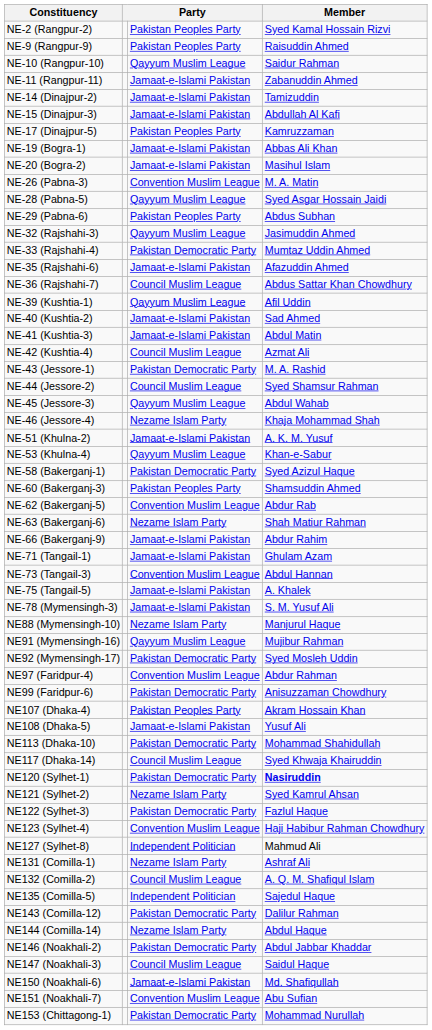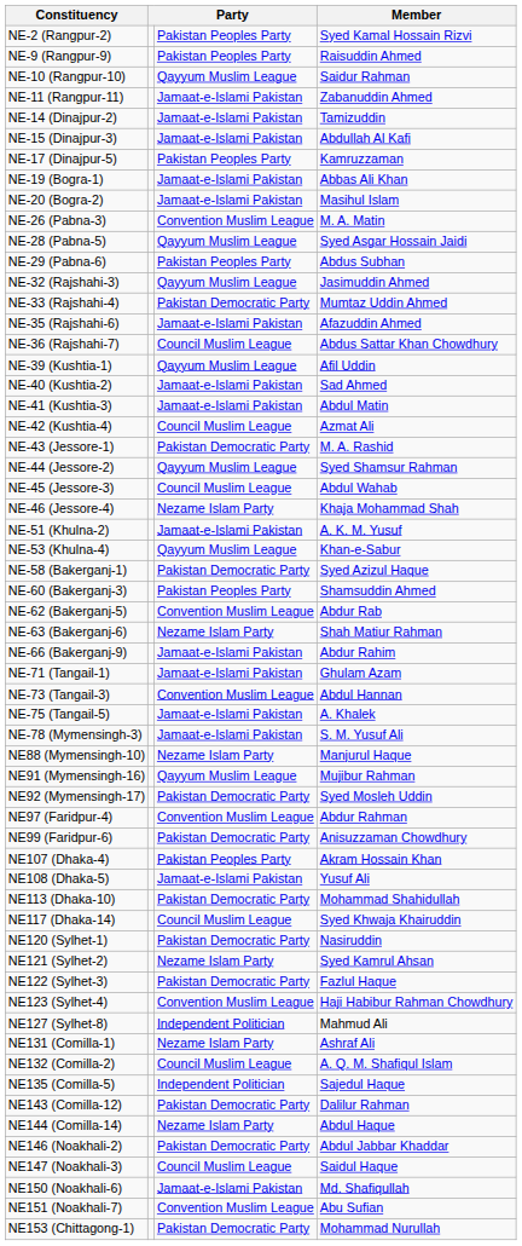 <table class="wikitable sortable">
 <tr>
 <th>Constituency</th>
 <th colspan="2">Party</th>
 <th>Member</th>
 </tr>
 <tr>
 <td>NE-2 (Rangpur-2)</td>
 <td></td>
 <td><a href='#'>Pakistan Peoples Party</a></td>
 <td><a href='#'>Syed Kamal Hossain Rizvi</a></td>
 </tr>
 <tr>
 <td>NE-9 (Rangpur-9)</td>
 <td></td>
 <td><a href='#'>Pakistan Peoples Party</a></td>
 <td><a href='#'>Raisuddin Ahmed</a></td>
 </tr>
 <tr>
 <td>NE-10 (Rangpur-10)</td>
 <td></td>
 <td><a href='#'>Qayyum Muslim League</a></td>
 <td><a href='#'>Saidur Rahman</a></td>
 </tr>
 <tr>
 <td>NE-11 (Rangpur-11)</td>
 <td></td>
 <td><a href='#'>Jamaat-e-Islami Pakistan</a></td>
 <td><a href='#'>Zabanuddin Ahmed</a></td>
 </tr>
 <tr>
 <td>NE-14 (Dinajpur-2)</td>
 <td></td>
 <td><a href='#'>Jamaat-e-Islami Pakistan</a></td>
 <td><a href='#'>Tamizuddin</a></td>
 </tr>
 <tr>
 <td>NE-15 (Dinajpur-3)</td>
 <td></td>
 <td><a href='#'>Jamaat-e-Islami Pakistan</a></td>
 <td><a href='#'>Abdullah Al Kafi</a></td>
 </tr>
 <tr>
 <td>NE-17 (Dinajpur-5)</td>
 <td></td>
 <td><a href='#'>Pakistan Peoples Party</a></td>
 <td><a href='#'>Kamruzzaman</a></td>
 </tr>
 <tr>
 <td>NE-19 (Bogra-1)</td>
 <td></td>
 <td><a href='#'>Jamaat-e-Islami Pakistan</a></td>
 <td><a href='#'>Abbas Ali Khan</a></td>
 </tr>
 <tr>
 <td>NE-20 (Bogra-2)</td>
 <td></td>
 <td><a href='#'>Jamaat-e-Islami Pakistan</a></td>
 <td><a href='#'>Masihul Islam</a></td>
 </tr>
 <tr>
 <td>NE-26 (Pabna-3)</td>
 <td></td>
 <td><a href='#'>Convention Muslim League</a></td>
 <td><a href='#'>M. A. Matin</a></td>
 </tr>
 <tr>
 <td>NE-28 (Pabna-5)</td>
 <td></td>
 <td><a href='#'>Qayyum Muslim League</a></td>
 <td><a href='#'>Syed Asgar Hossain Jaidi</a></td>
 </tr>
 <tr>
 <td>NE-29 (Pabna-6)</td>
 <td></td>
 <td><a href='#'>Pakistan Peoples Party</a></td>
 <td><a href='#'>Abdus Subhan</a></td>
 </tr>
 <tr>
 <td>NE-32 (Rajshahi-3)</td>
 <td></td>
 <td><a href='#'>Qayyum Muslim League</a></td>
 <td><a href='#'>Jasimuddin Ahmed</a></td>
 </tr>
 <tr>
 <td>NE-33 (Rajshahi-4)</td>
 <td></td>
 <td><a href='#'>Pakistan Democratic Party</a></td>
 <td><a href='#'>Mumtaz Uddin Ahmed</a></td>
 </tr>
 <tr>
 <td>NE-35 (Rajshahi-6)</td>
 <td></td>
 <td><a href='#'>Jamaat-e-Islami Pakistan</a></td>
 <td><a href='#'>Afazuddin Ahmed</a></td>
 </tr>
 <tr>
 <td>NE-36 (Rajshahi-7)</td>
 <td></td>
 <td><a href='#'>Council Muslim League</a></td>
 <td><a href='#'>Abdus Sattar Khan Chowdhury</a></td>
 </tr>
 <tr>
 <td>NE-39 (Kushtia-1)</td>
 <td></td>
 <td><a href='#'>Qayyum Muslim League</a></td>
 <td><a href='#'>Afil Uddin</a></td>
 </tr>
 <tr>
 <td>NE-40 (Kushtia-2)</td>
 <td></td>
 <td><a href='#'>Jamaat-e-Islami Pakistan</a></td>
 <td><a href='#'>Sad Ahmed</a></td>
 </tr>
 <tr>
 <td>NE-41 (Kushtia-3)</td>
 <td></td>
 <td><a href='#'>Jamaat-e-Islami Pakistan</a></td>
 <td><a href='#'>Abdul Matin</a></td>
 </tr>
 <tr>
 <td>NE-42 (Kushtia-4)</td>
 <td></td>
 <td><a href='#'>Council Muslim League</a></td>
 <td><a href='#'>Azmat Ali</a></td>
 </tr>
 <tr>
 <td>NE-43 (Jessore-1)</td>
 <td></td>
 <td><a href='#'>Pakistan Democratic Party</a></td>
 <td><a href='#'>M. A. Rashid</a></td>
 </tr>
 <tr>
 <td>NE-44 (Jessore-2)</td>
 <td></td>
-<td><a href='#'>Council Muslim League</a></td>
+<td><a href='#'>Qayyum Muslim League</a></td>
 <td><a href='#'>Syed Shamsur Rahman</a></td>
 </tr>
 <tr>
 <td>NE-45 (Jessore-3)</td>
 <td></td>
-<td><a href='#'>Qayyum Muslim League</a></td>
+<td><a href='#'>Council Muslim League</a></td>
 <td><a href='#'>Abdul Wahab</a></td>
 </tr>
 <tr>
 <td>NE-46 (Jessore-4)</td>
 <td></td>
 <td><a href='#'>Nezame Islam Party</a></td>
 <td><a href='#'>Khaja Mohammad Shah</a></td>
 </tr>
 <tr>
 <td>NE-51 (Khulna-2)</td>
 <td></td>
 <td><a href='#'>Jamaat-e-Islami Pakistan</a></td>
 <td><a href='#'>A. K. M. Yusuf</a></td>
 </tr>
 <tr>
 <td>NE-53 (Khulna-4)</td>
 <td></td>
 <td><a href='#'>Qayyum Muslim League</a></td>
 <td><a href='#'>Khan-e-Sabur</a></td>
 </tr>
 <tr>
 <td>NE-58 (Bakerganj-1)</td>
 <td></td>
 <td><a href='#'>Pakistan Democratic Party</a></td>
 <td><a href='#'>Syed Azizul Haque</a></td>
 </tr>
 <tr>
 <td>NE-60 (Bakerganj-3)</td>
 <td></td>
 <td><a href='#'>Pakistan Peoples Party</a></td>
 <td><a href='#'>Shamsuddin Ahmed</a></td>
 </tr>
 <tr>
 <td>NE-62 (Bakerganj-5)</td>
 <td></td>
 <td><a href='#'>Convention Muslim League</a></td>
 <td><a href='#'>Abdur Rab</a></td>
 </tr>
 <tr>
 <td>NE-63 (Bakerganj-6)</td>
 <td></td>
 <td><a href='#'>Nezame Islam Party</a></td>
 <td><a href='#'>Shah Matiur Rahman</a></td>
 </tr>
 <tr>
 <td>NE-66 (Bakerganj-9)</td>
 <td></td>
 <td><a href='#'>Jamaat-e-Islami Pakistan</a></td>
 <td><a href='#'>Abdur Rahim</a></td>
 </tr>
 <tr>
 <td>NE-71 (Tangail-1)</td>
 <td></td>
 <td><a href='#'>Jamaat-e-Islami Pakistan</a></td>
 <td><a href='#'>Ghulam Azam</a></td>
 </tr>
 <tr>
 <td>NE-73 (Tangail-3)</td>
 <td></td>
 <td><a href='#'>Convention Muslim League</a></td>
 <td><a href='#'>Abdul Hannan</a></td>
 </tr>
 <tr>
 <td>NE-75 (Tangail-5)</td>
 <td></td>
 <td><a href='#'>Jamaat-e-Islami Pakistan</a></td>
 <td><a href='#'>A. Khalek</a></td>
 </tr>
 <tr>
 <td>NE-78 (Mymensingh-3)</td>
 <td></td>
 <td><a href='#'>Jamaat-e-Islami Pakistan</a></td>
 <td><a href='#'>S. M. Yusuf Ali</a></td>
 </tr>
 <tr>
 <td>NE88 (Mymensingh-10)</td>
 <td></td>
 <td><a href='#'>Nezame Islam Party</a></td>
 <td><a href='#'>Manjurul Haque</a></td>
 </tr>
 <tr>
 <td>NE91 (Mymensingh-16)</td>
 <td></td>
 <td><a href='#'>Qayyum Muslim League</a></td>
 <td><a href='#'>Mujibur Rahman</a></td>
 </tr>
 <tr>
 <td>NE92 (Mymensingh-17)</td>
 <td></td>
 <td><a href='#'>Pakistan Democratic Party</a></td>
 <td><a href='#'>Syed Mosleh Uddin</a></td>
 </tr>
 <tr>
 <td>NE97 (Faridpur-4)</td>
 <td></td>
 <td><a href='#'>Convention Muslim League</a></td>
 <td><a href='#'>Abdur Rahman</a></td>
 </tr>
 <tr>
 <td>NE99 (Faridpur-6)</td>
 <td></td>
 <td><a href='#'>Pakistan Democratic Party</a></td>
 <td><a href='#'>Anisuzzaman Chowdhury</a></td>
 </tr>
 <tr>
 <td>NE107 (Dhaka-4)</td>
 <td></td>
 <td><a href='#'>Pakistan Peoples Party</a></td>
 <td><a href='#'>Akram Hossain Khan</a></td>
 </tr>
 <tr>
 <td>NE108 (Dhaka-5)</td>
 <td></td>
 <td><a href='#'>Jamaat-e-Islami Pakistan</a></td>
 <td><a href='#'>Yusuf Ali</a></td>
 </tr>
 <tr>
 <td>NE113 (Dhaka-10)</td>
 <td></td>
 <td><a href='#'>Pakistan Democratic Party</a></td>
 <td><a href='#'>Mohammad Shahidullah</a></td>
 </tr>
 <tr>
 <td>NE117 (Dhaka-14)</td>
 <td></td>
 <td><a href='#'>Council Muslim League</a></td>
 <td><a href='#'>Syed Khwaja Khairuddin</a></td>
 </tr>
 <tr>
 <td>NE120 (Sylhet-1)</td>
 <td></td>
 <td><a href='#'>Pakistan Democratic Party</a></td>
-<td><strong><a href='#'>Nasiruddin</a></strong></td>
+<td><a href='#'>Nasiruddin</a></td>
 </tr>
 <tr>
 <td>NE121 (Sylhet-2)</td>
 <td></td>
 <td><a href='#'>Nezame Islam Party</a></td>
 <td><a href='#'>Syed Kamrul Ahsan</a></td>
 </tr>
 <tr>
 <td>NE122 (Sylhet-3)</td>
 <td></td>
 <td><a href='#'>Pakistan Democratic Party</a></td>
 <td><a href='#'>Fazlul Haque</a></td>
 </tr>
 <tr>
 <td>NE123 (Sylhet-4)</td>
 <td></td>
 <td><a href='#'>Convention Muslim League</a></td>
 <td><a href='#'>Haji Habibur Rahman Chowdhury</a></td>
 </tr>
 <tr>
 <td>NE127 (Sylhet-8)</td>
 <td></td>
 <td><a href='#'>Independent Politician</a></td>
 <td>Mahmud Ali</td>
 </tr>
 <tr>
 <td>NE131 (Comilla-1)</td>
 <td></td>
 <td><a href='#'>Nezame Islam Party</a></td>
 <td><a href='#'>Ashraf Ali</a></td>
 </tr>
 <tr>
 <td>NE132 (Comilla-2)</td>
 <td></td>
 <td><a href='#'>Council Muslim League</a></td>
 <td><a href='#'>A. Q. M. Shafiqul Islam</a></td>
 </tr>
 <tr>
 <td>NE135 (Comilla-5)</td>
 <td></td>
 <td><a href='#'>Independent Politician</a></td>
 <td><a href='#'>Sajedul Haque</a></td>
 </tr>
 <tr>
 <td>NE143 (Comilla-12)</td>
 <td></td>
 <td><a href='#'>Pakistan Democratic Party</a></td>
 <td><a href='#'>Dalilur Rahman</a></td>
 </tr>
 <tr>
 <td>NE144 (Comilla-14)</td>
 <td></td>
 <td><a href='#'>Nezame Islam Party</a></td>
 <td><a href='#'>Abdul Haque</a></td>
 </tr>
 <tr>
 <td>NE146 (Noakhali-2)</td>
 <td></td>
 <td><a href='#'>Pakistan Democratic Party</a></td>
 <td><a href='#'>Abdul Jabbar Khaddar</a></td>
 </tr>
 <tr>
 <td>NE147 (Noakhali-3)</td>
 <td></td>
 <td><a href='#'>Council Muslim League</a></td>
 <td><a href='#'>Saidul Haque</a></td>
 </tr>
 <tr>
 <td>NE150 (Noakhali-6)</td>
 <td></td>
 <td><a href='#'>Jamaat-e-Islami Pakistan</a></td>
 <td><a href='#'>Md. Shafiqullah</a></td>
 </tr>
 <tr>
 <td>NE151 (Noakhali-7)</td>
 <td></td>
 <td><a href='#'>Convention Muslim League</a></td>
 <td><a href='#'>Abu Sufian</a></td>
 </tr>
 <tr>
 <td>NE153 (Chittagong-1)</td>
 <td></td>
 <td><a href='#'>Pakistan Democratic Party</a></td>
 <td><a href='#'>Mohammad Nurullah</a></td>
 </tr>
 </table>
